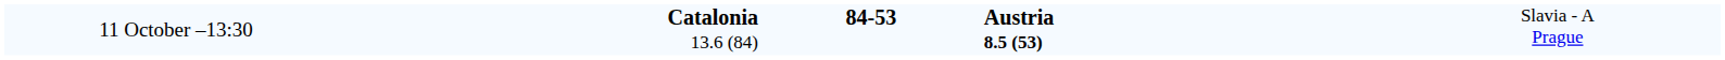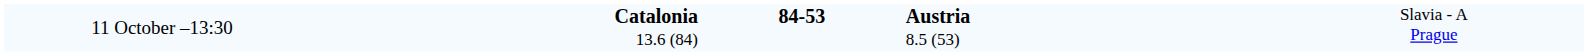 <table style="width: 100%; background:#F5FAFF;" cellspacing="0">
 <tr>
 <td style=font-size:95% align=center rowspan=3 width=20%>11 October –13:30</td>
 </tr>
 <tr>
 <td width=24% align=right><strong>Catalonia</strong> </td>
 <td align=center width=13%><strong>84-53</strong></td>
 <td width=24%> <strong>Austria</strong></td>
 <td style=font-size:85% rowspan=3 valign=top align=center>Slavia - A <br><a href='#'>Prague</a></td>
 </tr>
 <tr style=font-size:85%>
 <td align=right>13.6 (84)</td>
 <td align=center></td>
-<td><strong>8.5 (53)</strong></td>
+<td>8.5 (53)</td>
 </tr>
 </table>
